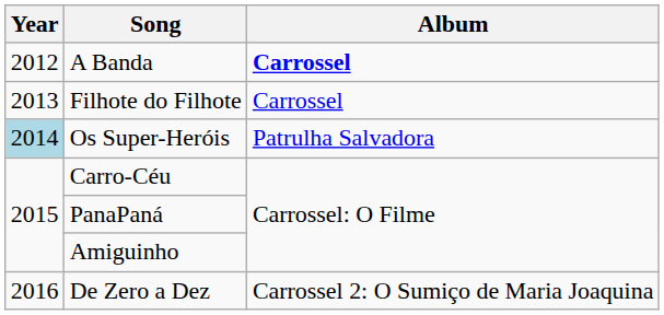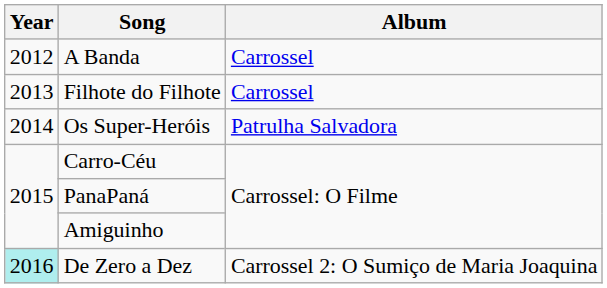 <table class="wikitable">
 <tr>
 <th>Year</th>
 <th>Song</th>
 <th>Album</th>
 </tr>
 <tr>
 <td>2012</td>
 <td>A Banda</td>
-<td><strong><a href='#'>Carrossel</a></strong></td>
+<td><a href='#'>Carrossel</a></td>
 </tr>
 <tr>
 <td>2013</td>
 <td>Filhote do Filhote</td>
 <td><a href='#'>Carrossel</a></td>
 </tr>
 <tr>
-<td style="background: lightblue;">2014</td>
+<td>2014</td>
 <td>Os Super-Heróis</td>
 <td><a href='#'>Patrulha Salvadora</a></td>
 </tr>
 <tr>
 <td rowspan=3>2015</td>
 <td>Carro-Céu</td>
 <td rowspan=3>Carrossel: O Filme</td>
 </tr>
 <tr>
 <td>PanaPaná</td>
 </tr>
 <tr>
 <td>Amiguinho</td>
 </tr>
 <tr>
-<td>2016</td>
+<td style="background: paleturquoise;">2016</td>
 <td>De Zero a Dez</td>
 <td>Carrossel 2: O Sumiço de Maria Joaquina</td>
 </tr>
 </table>
